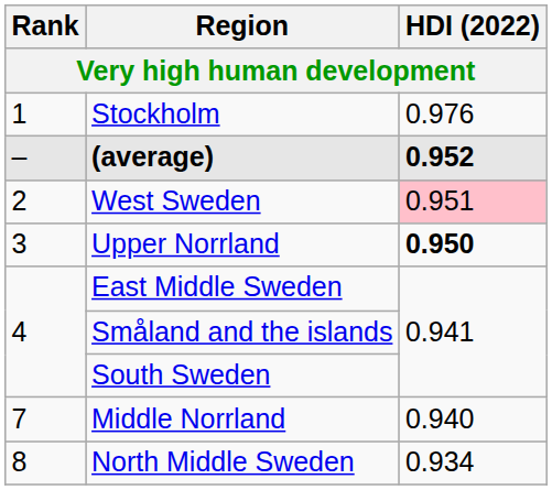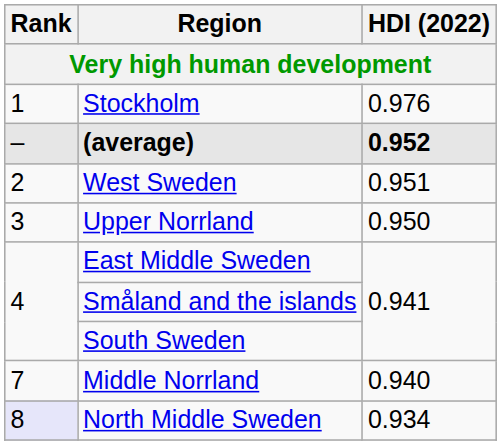 <table class="wikitable sortable">
 <tr>
 <th>Rank</th>
 <th>Region</th>
 <th>HDI (2022)</th>
 </tr>
 <tr>
 <th colspan="3" style="color:#090;">Very high human development</th>
 </tr>
 <tr>
 <td>1</td>
 <td><a href='#'>Stockholm</a></td>
 <td>0.976</td>
 </tr>
 <tr style="background:#e6e6e6">
 <td>–</td>
 <td><strong> (average)</strong></td>
 <td><strong>0.952</strong></td>
 </tr>
 <tr>
 <td>2</td>
 <td><a href='#'>West Sweden</a></td>
-<td style="background: pink;">0.951</td>
+<td>0.951</td>
 </tr>
 <tr>
 <td>3</td>
 <td><a href='#'>Upper Norrland</a></td>
-<td><strong>0.950</strong></td>
+<td>0.950</td>
 </tr>
 <tr>
 <td rowspan="3">4</td>
 <td><a href='#'>East Middle Sweden</a></td>
 <td rowspan="3">0.941</td>
 </tr>
 <tr>
 <td><a href='#'>Småland and the islands</a></td>
 </tr>
 <tr>
 <td><a href='#'>South Sweden</a></td>
 </tr>
 <tr>
 <td>7</td>
 <td><a href='#'>Middle Norrland</a></td>
 <td>0.940</td>
 </tr>
 <tr>
-<td>8</td>
+<td style="background: lavender;">8</td>
 <td><a href='#'>North Middle Sweden</a></td>
 <td>0.934</td>
 </tr>
 </table>
